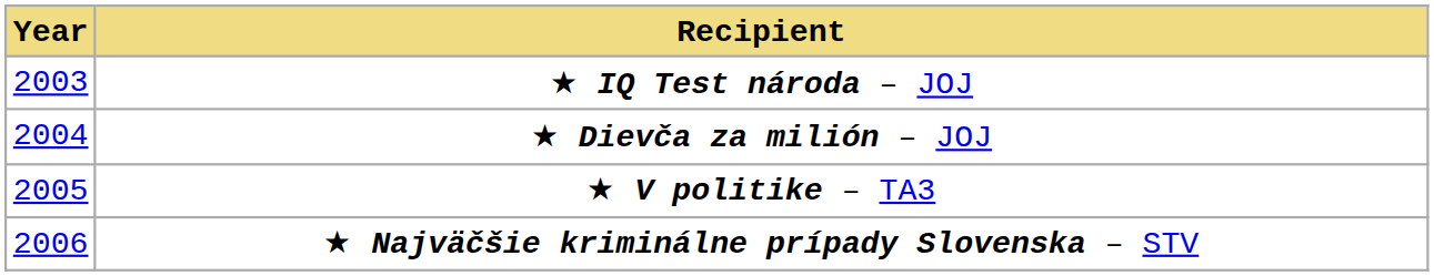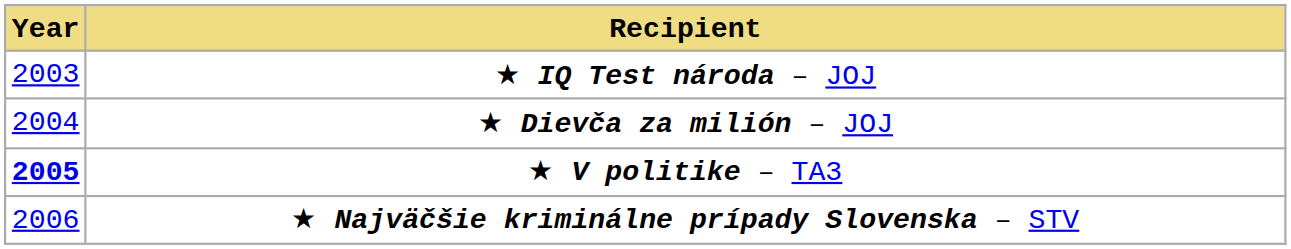 <table class=wikitable sortable style="background:white">
 <tr>
 <th style=background:#F0DC82>Year</th>
 <th style=background:#F0DC82 width=546>Recipient</th>
 </tr>
 <tr>
 <td><a href='#'>2003</a></td>
 <td align=center>★ <strong><em>IQ Test národa</em></strong> – <a href='#'>JOJ</a></td>
 </tr>
 <tr>
 <td><a href='#'>2004</a></td>
 <td align=center>★ <strong><em>Dievča za milión</em></strong> – <a href='#'>JOJ</a></td>
 </tr>
 <tr>
-<td><a href='#'>2005</a></td>
+<td><strong><a href='#'>2005</a></strong></td>
 <td align=center>★ <strong><em>V politike</em></strong> – <a href='#'>TA3</a></td>
 </tr>
 <tr>
 <td><a href='#'>2006</a></td>
 <td align=center>★ <strong><em>Najväčšie kriminálne prípady Slovenska</em></strong> – <a href='#'>STV</a></td>
 </tr>
 </table>
